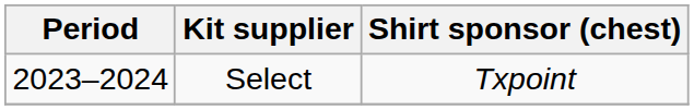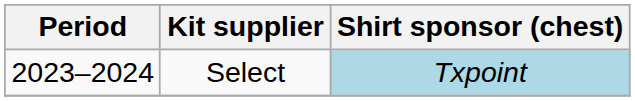 <table class="wikitable" style="text-align: center">
 <tr>
 <th>Period</th>
 <th>Kit supplier</th>
 <th>Shirt sponsor (chest)</th>
 </tr>
 <tr>
 <td>2023–2024</td>
 <td rowspan=1>Select</td>
-<td><em>Txpoint</em></td>
+<td style="background: lightblue;"><em>Txpoint</em></td>
 </tr>
 <tr>
 </tr>
 </table>
